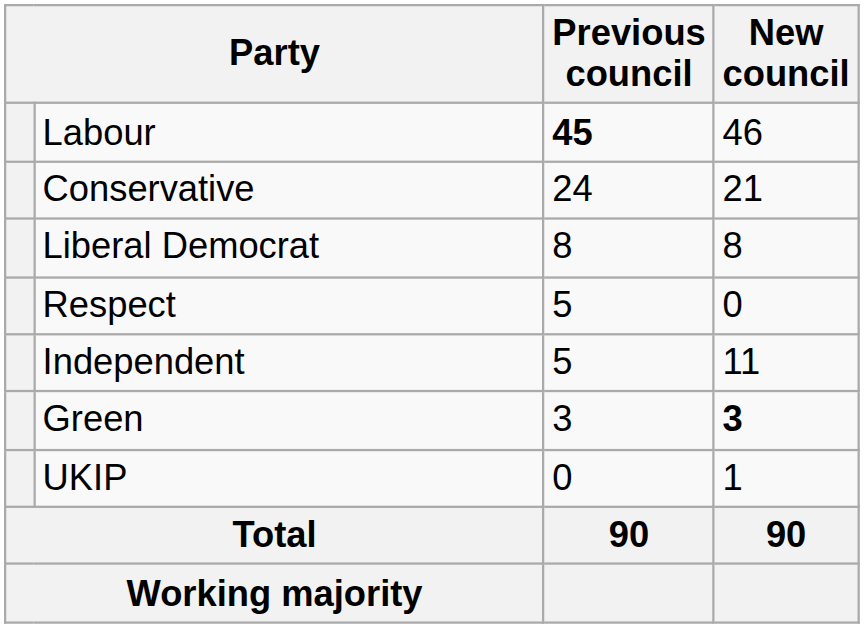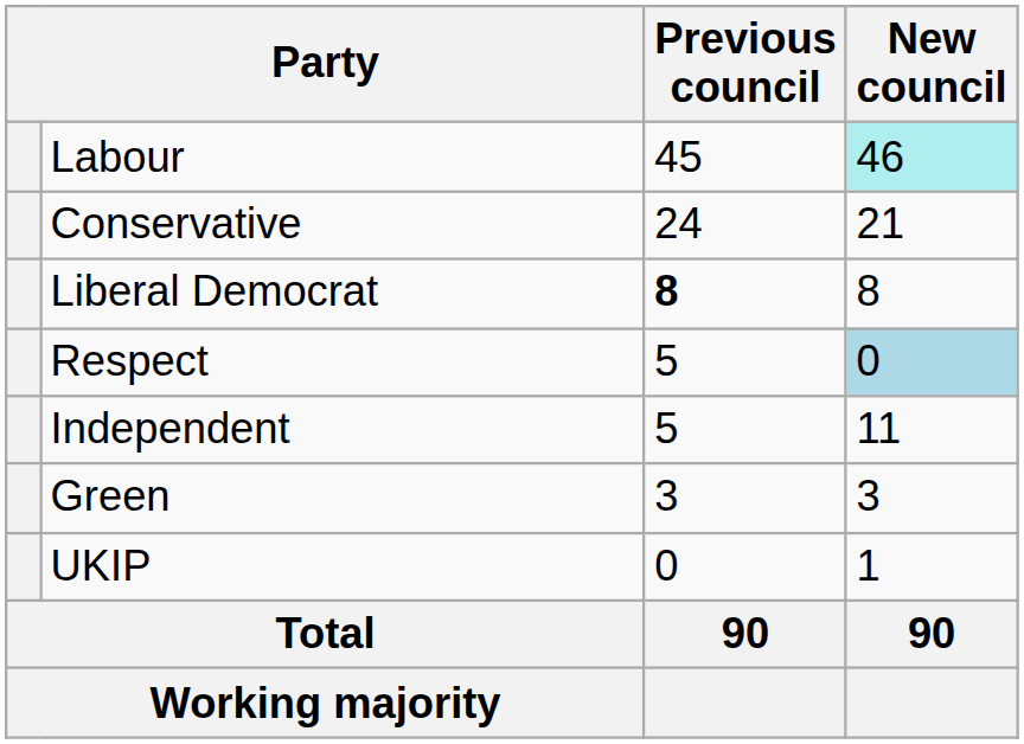 <table class="wikitable">
 <tr>
 <th valign=centre colspan="2" style="width: 230px">Party</th>
 <th valign=top style="width: 30px">Previous council</th>
 <th valign=top style="width: 30px">New council</th>
 </tr>
 <tr>
 <th style="background-color: "></th>
 <td>Labour</td>
-<td><strong>45</strong></td>
-<td>46</td>
+<td>45</td>
+<td style="background: paleturquoise;">46</td>
 </tr>
 <tr>
 <th style="background-color: "></th>
 <td>Conservative</td>
 <td>24</td>
 <td>21</td>
 </tr>
 <tr>
 <th style="background-color: "></th>
 <td>Liberal Democrat</td>
-<td>8</td>
+<td><strong>8</strong></td>
 <td>8</td>
 </tr>
 <tr>
 <th style="background-color: "></th>
 <td>Respect</td>
 <td>5</td>
-<td>0</td>
+<td style="background: lightblue;">0</td>
 </tr>
 <tr>
 <th style="background-color: "></th>
 <td>Independent</td>
 <td>5</td>
 <td>11</td>
 </tr>
 <tr>
 <th style="background-color: "></th>
 <td>Green</td>
 <td>3</td>
-<td><strong>3</strong></td>
+<td>3</td>
 </tr>
 <tr>
 <th style="background-color: "></th>
 <td>UKIP</td>
 <td>0</td>
 <td>1</td>
 </tr>
 <tr>
 <th colspan=2>Total</th>
 <th style="text-align: center">90</th>
 <th colspan=3>90</th>
 </tr>
 <tr>
 <th colspan=2>Working majority</th>
 <th></th>
 <th></th>
 </tr>
 </table>
